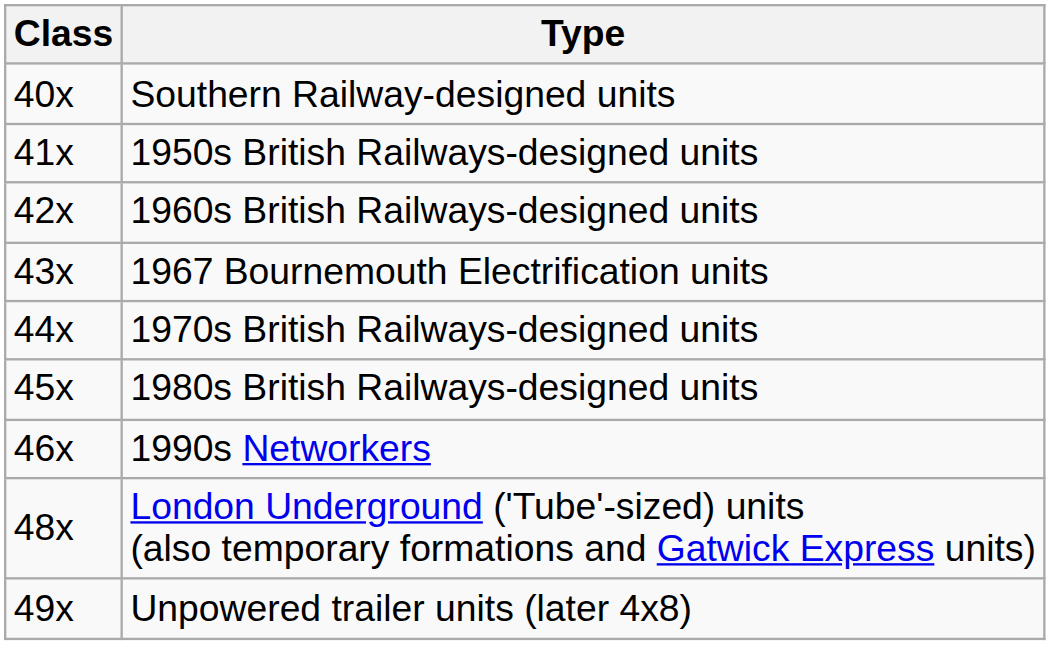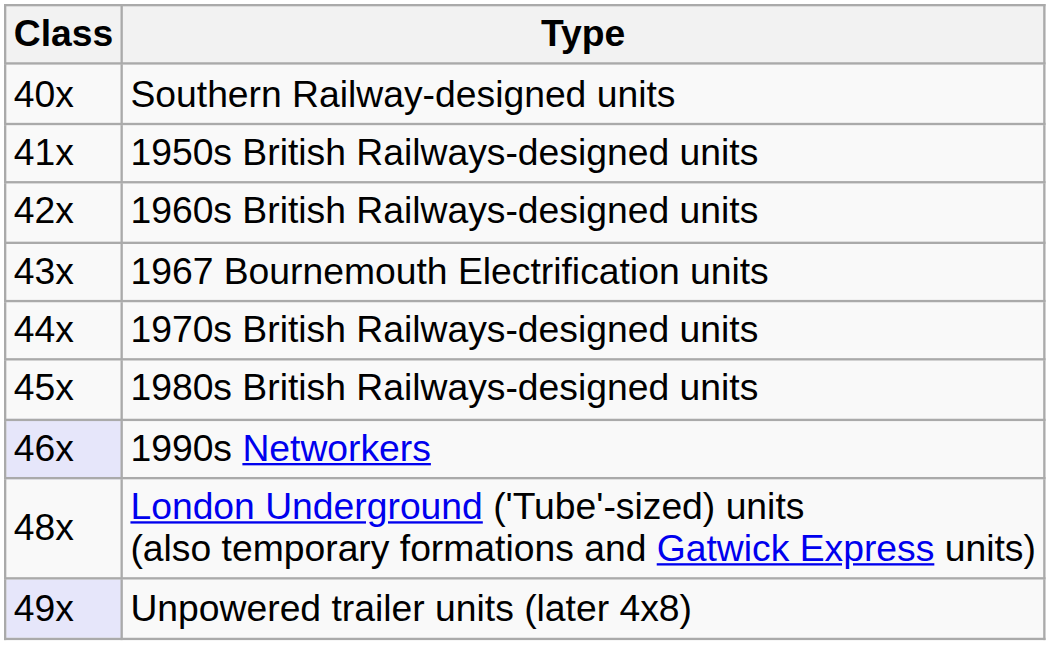 <table Class=wikitable>
 <tr>
 <th>Class</th>
 <th>Type</th>
 </tr>
 <tr>
 <td>40x</td>
 <td>Southern Railway-designed units</td>
 </tr>
 <tr>
 <td>41x</td>
 <td>1950s British Railways-designed units</td>
 </tr>
 <tr>
 <td>42x</td>
 <td>1960s British Railways-designed units</td>
 </tr>
 <tr>
 <td>43x</td>
 <td>1967 Bournemouth Electrification units</td>
 </tr>
 <tr>
 <td>44x</td>
 <td>1970s British Railways-designed units</td>
 </tr>
 <tr>
 <td>45x</td>
 <td>1980s British Railways-designed units</td>
 </tr>
 <tr>
-<td>46x</td>
+<td style="background: lavender;">46x</td>
 <td>1990s <a href='#'>Networkers</a></td>
 </tr>
 <tr>
 <td>48x</td>
 <td><a href='#'>London Underground</a> ('Tube'-sized) units <br>(also temporary formations and <a href='#'>Gatwick Express</a> units)</td>
 </tr>
 <tr>
-<td>49x</td>
+<td style="background: lavender;">49x</td>
 <td>Unpowered trailer units (later 4x8)</td>
 </tr>
 </table>
